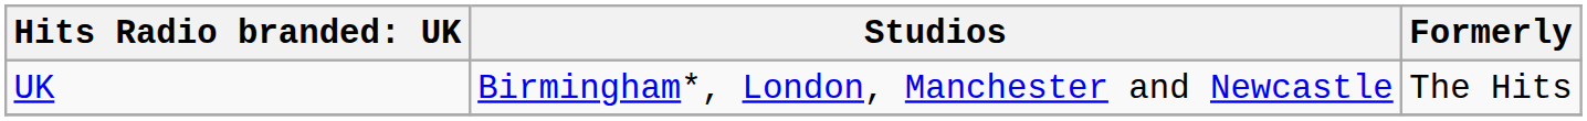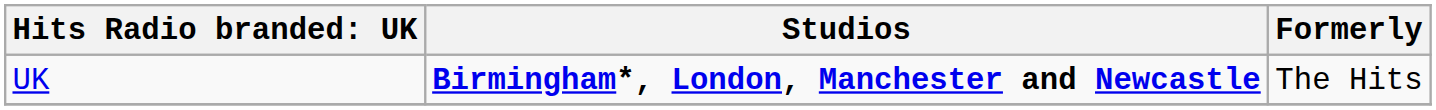 <table class="wikitable sortable">
 <tr>
 <th>Hits Radio branded: UK</th>
 <th>Studios</th>
 <th>Formerly</th>
 </tr>
 <tr>
 <td><a href='#'>UK</a></td>
-<td><a href='#'>Birmingham</a>*, <a href='#'>London</a>, <a href='#'>Manchester</a> and <a href='#'>Newcastle</a></td>
+<td><strong><a href='#'>Birmingham</a>*, <a href='#'>London</a>, <a href='#'>Manchester</a> and <a href='#'>Newcastle</a></strong></td>
 <td>The Hits</td>
 </tr>
 <tr>
 </tr>
 </table>
